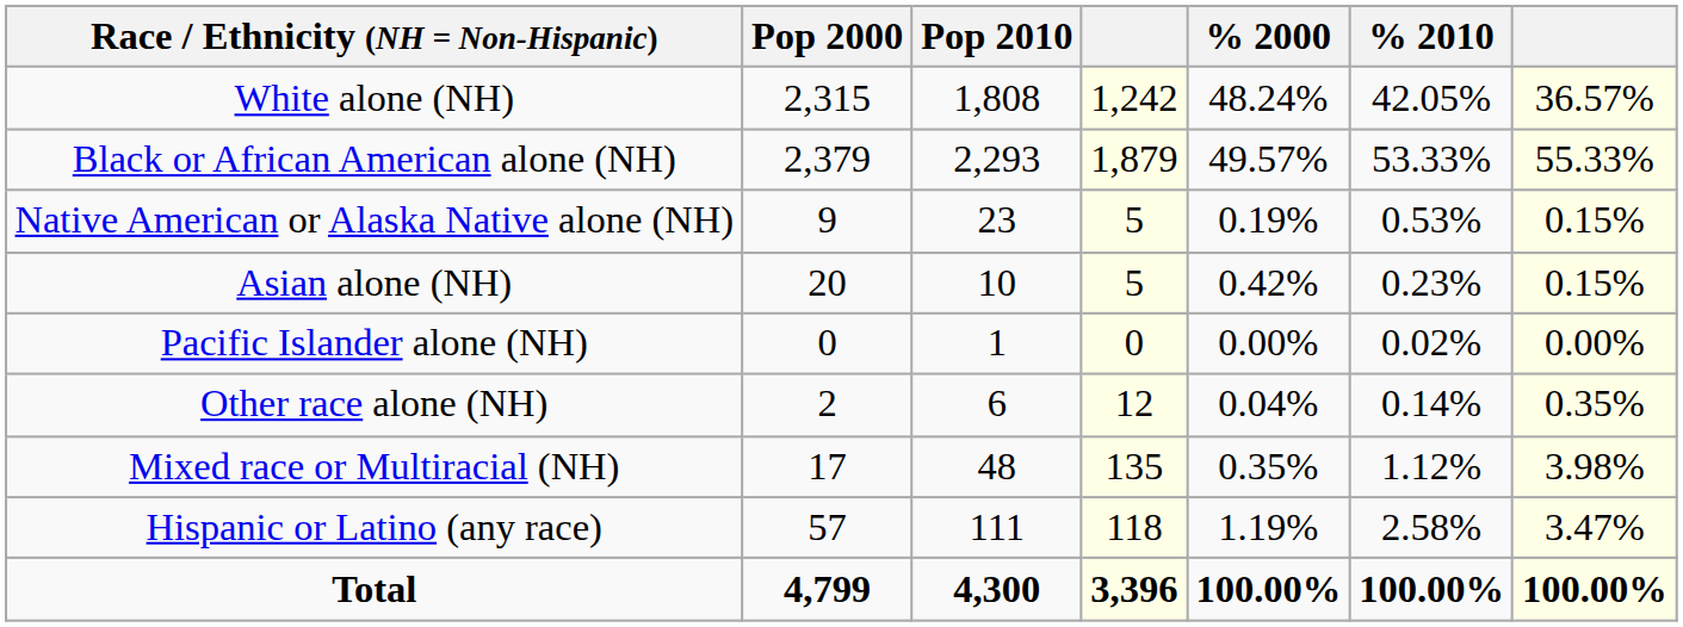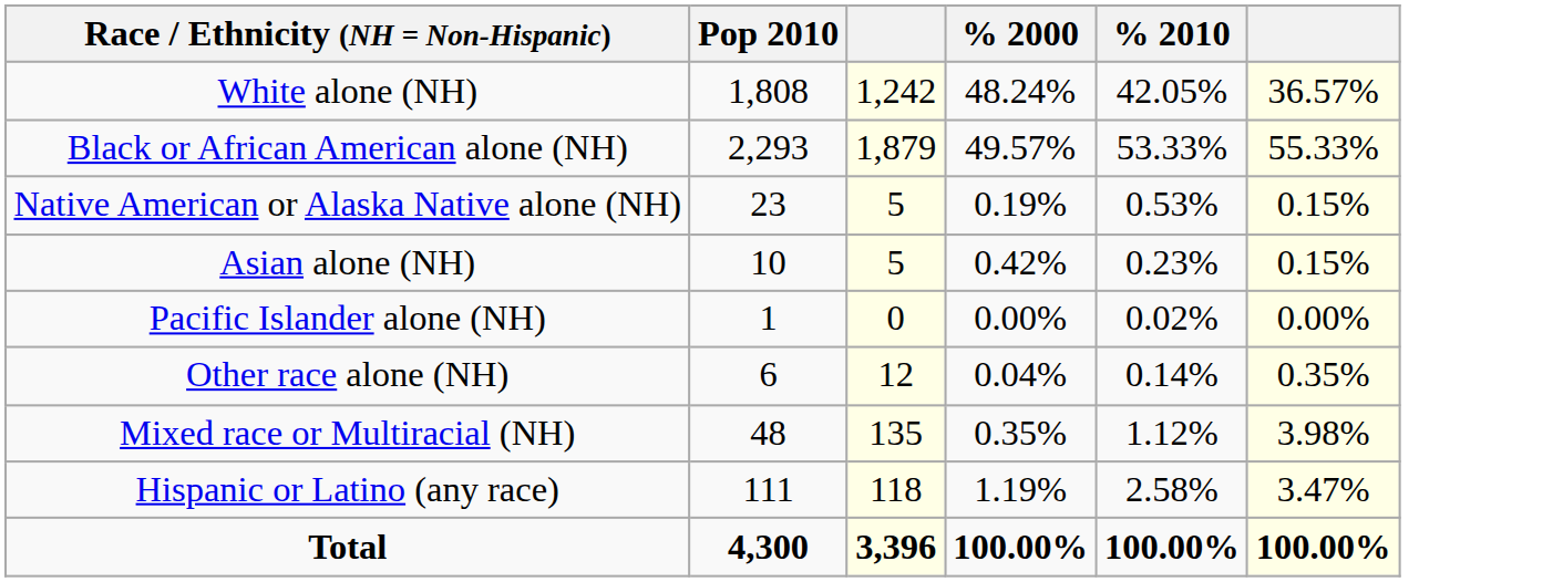 <table class="wikitable" style="text-align:center;">
 <tr>
 <th>Race / Ethnicity <small>(<em>NH = Non-Hispanic</em>)</small></th>
-<th>Pop 2000</th>
 <th>Pop 2010</th>
 <th></th>
 <th>% 2000</th>
 <th>% 2010</th>
 <th></th>
 </tr>
 <tr>
 <td><a href='#'>White</a> alone (NH)</td>
-<td>2,315</td>
 <td>1,808</td>
 <td style='background: #ffffe6;'>1,242</td>
 <td>48.24%</td>
 <td>42.05%</td>
 <td style='background: #ffffe6;'>36.57%</td>
 </tr>
 <tr>
 <td><a href='#'>Black or African American</a> alone (NH)</td>
-<td>2,379</td>
 <td>2,293</td>
 <td style='background: #ffffe6;'>1,879</td>
 <td>49.57%</td>
 <td>53.33%</td>
 <td style='background: #ffffe6;'>55.33%</td>
 </tr>
 <tr>
 <td><a href='#'>Native American</a> or <a href='#'>Alaska Native</a> alone (NH)</td>
-<td>9</td>
 <td>23</td>
 <td style='background: #ffffe6;'>5</td>
 <td>0.19%</td>
 <td>0.53%</td>
 <td style='background: #ffffe6;'>0.15%</td>
 </tr>
 <tr>
 <td><a href='#'>Asian</a> alone (NH)</td>
-<td>20</td>
 <td>10</td>
 <td style='background: #ffffe6;'>5</td>
 <td>0.42%</td>
 <td>0.23%</td>
 <td style='background: #ffffe6;'>0.15%</td>
 </tr>
 <tr>
 <td><a href='#'>Pacific Islander</a> alone (NH)</td>
-<td>0</td>
 <td>1</td>
 <td style='background: #ffffe6;'>0</td>
 <td>0.00%</td>
 <td>0.02%</td>
 <td style='background: #ffffe6;'>0.00%</td>
 </tr>
 <tr>
 <td><a href='#'>Other race</a> alone (NH)</td>
-<td>2</td>
 <td>6</td>
 <td style='background: #ffffe6;'>12</td>
 <td>0.04%</td>
 <td>0.14%</td>
 <td style='background: #ffffe6;'>0.35%</td>
 </tr>
 <tr>
 <td><a href='#'>Mixed race or Multiracial</a> (NH)</td>
-<td>17</td>
 <td>48</td>
 <td style='background: #ffffe6;'>135</td>
 <td>0.35%</td>
 <td>1.12%</td>
 <td style='background: #ffffe6;'>3.98%</td>
 </tr>
 <tr>
 <td><a href='#'>Hispanic or Latino</a> (any race)</td>
-<td>57</td>
 <td>111</td>
 <td style='background: #ffffe6;'>118</td>
 <td>1.19%</td>
 <td>2.58%</td>
 <td style='background: #ffffe6;'>3.47%</td>
 </tr>
 <tr>
 <td><strong>Total</strong></td>
-<td><strong>4,799</strong></td>
 <td><strong>4,300</strong></td>
 <td style='background: #ffffe6;'><strong>3,396</strong></td>
 <td><strong>100.00%</strong></td>
 <td><strong>100.00%</strong></td>
 <td style='background: #ffffe6;'><strong>100.00%</strong></td>
 </tr>
 </table>
